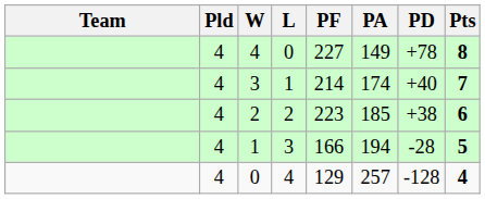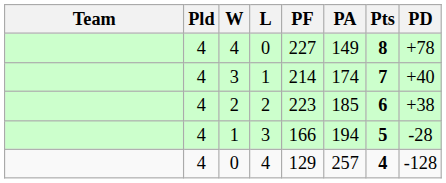 <table class="wikitable" style="text-align:center;">
 <tr>
 <th width=150>Team</th>
 <th width=20>Pld</th>
 <th width=20>W</th>
 <th width=20>L</th>
 <th width=30>PF</th>
 <th width=30>PA</th>
+<th width=20>Pts</th>
 <th width=30>PD</th>
-<th width=20>Pts</th>
 </tr>
 <tr style="background:#cfc;">
 <td align="left"></td>
 <td>4</td>
 <td>4</td>
 <td>0</td>
 <td>227</td>
 <td>149</td>
+<td><strong>8</strong></td>
 <td>+78</td>
-<td><strong>8</strong></td>
 </tr>
 <tr style="background:#cfc;">
 <td align="left"></td>
 <td>4</td>
 <td>3</td>
 <td>1</td>
 <td>214</td>
 <td>174</td>
+<td><strong>7</strong></td>
 <td>+40</td>
-<td><strong>7</strong></td>
 </tr>
 <tr style="background:#cfc;">
 <td align="left"></td>
 <td>4</td>
 <td>2</td>
 <td>2</td>
 <td>223</td>
 <td>185</td>
+<td><strong>6</strong></td>
 <td>+38</td>
-<td><strong>6</strong></td>
 </tr>
 <tr style="background:#cfc;">
 <td align="left"></td>
 <td>4</td>
 <td>1</td>
 <td>3</td>
 <td>166</td>
 <td>194</td>
+<td><strong>5</strong></td>
 <td>-28</td>
-<td><strong>5</strong></td>
 </tr>
 <tr>
 <td align="left"></td>
 <td>4</td>
 <td>0</td>
 <td>4</td>
 <td>129</td>
 <td>257</td>
+<td><strong>4</strong></td>
 <td>-128</td>
-<td><strong>4</strong></td>
 </tr>
 </table>
